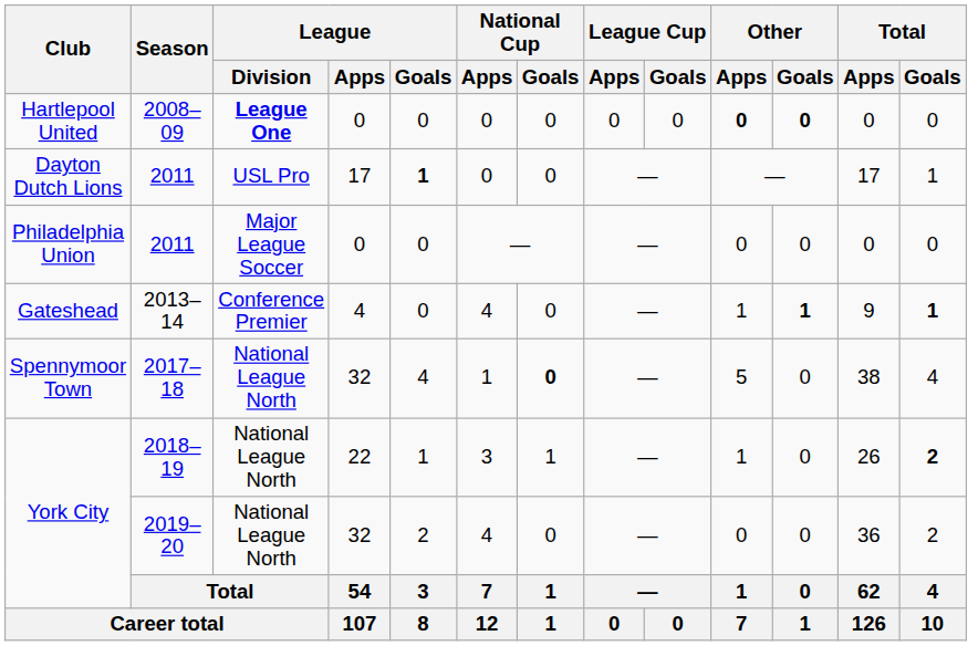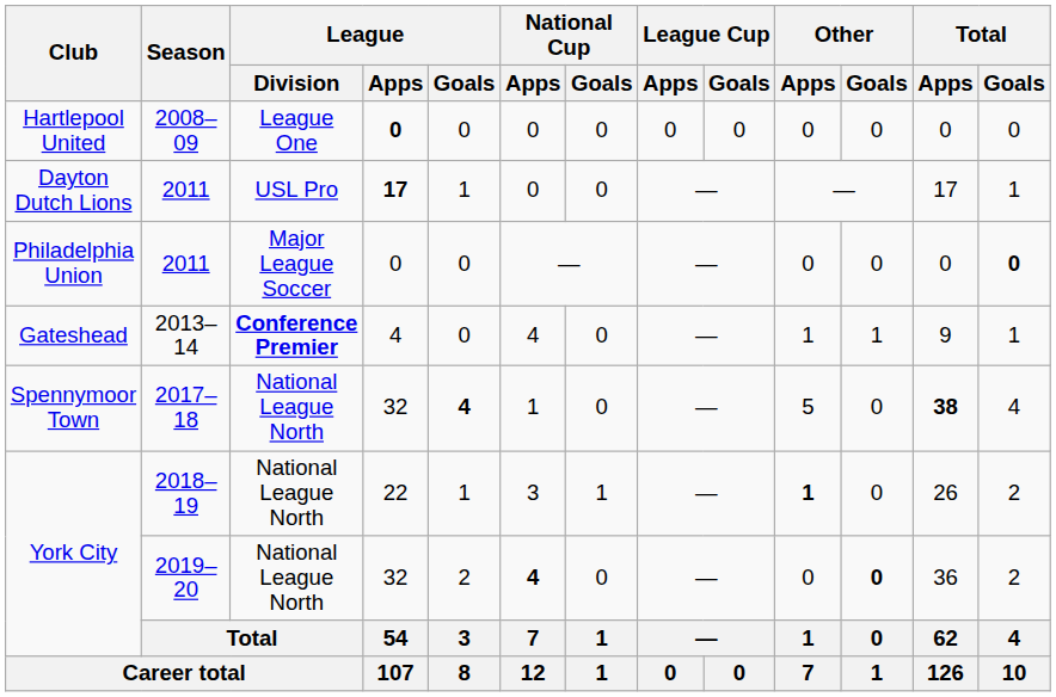 <table class=wikitable style=text-align:center>
 <tr>
 <th rowspan=2>Club</th>
 <th rowspan=2>Season</th>
 <th colspan=3>League</th>
 <th colspan=2>National Cup</th>
 <th colspan=2>League Cup</th>
 <th colspan=2>Other</th>
 <th colspan=2>Total</th>
 </tr>
 <tr>
 <th>Division</th>
 <th>Apps</th>
 <th>Goals</th>
 <th>Apps</th>
 <th>Goals</th>
 <th>Apps</th>
 <th>Goals</th>
 <th>Apps</th>
 <th>Goals</th>
 <th>Apps</th>
 <th>Goals</th>
 </tr>
 <tr>
 <td><a href='#'>Hartlepool United</a></td>
 <td><a href='#'>2008–09</a></td>
-<td><strong><a href='#'>League One</a></strong></td>
+<td><a href='#'>League One</a></td>
+<td><strong>0</strong></td>
 <td>0</td>
 <td>0</td>
 <td>0</td>
 <td>0</td>
 <td>0</td>
 <td>0</td>
-<td><strong>0</strong></td>
-<td><strong>0</strong></td>
+<td>0</td>
 <td>0</td>
 <td>0</td>
 </tr>
 <tr>
 <td><a href='#'>Dayton Dutch Lions</a></td>
 <td><a href='#'>2011</a></td>
 <td><a href='#'>USL Pro</a></td>
-<td>17</td>
-<td><strong>1</strong></td>
+<td><strong>17</strong></td>
+<td>1</td>
 <td>0</td>
 <td>0</td>
 <td colspan=2>—</td>
 <td colspan=2>—</td>
 <td>17</td>
 <td>1</td>
 </tr>
 <tr>
 <td><a href='#'>Philadelphia Union</a></td>
 <td><a href='#'>2011</a></td>
 <td><a href='#'>Major League Soccer</a></td>
 <td>0</td>
 <td>0</td>
 <td colspan=2>—</td>
 <td colspan=2>—</td>
 <td>0</td>
 <td>0</td>
 <td>0</td>
-<td>0</td>
+<td><strong>0</strong></td>
 </tr>
 <tr>
 <td><a href='#'>Gateshead</a></td>
 <td>2013–14</td>
-<td><a href='#'>Conference Premier</a></td>
+<td><strong><a href='#'>Conference Premier</a></strong></td>
 <td>4</td>
 <td>0</td>
 <td>4</td>
 <td>0</td>
 <td colspan=2>—</td>
 <td>1</td>
-<td><strong>1</strong></td>
+<td>1</td>
 <td>9</td>
-<td><strong>1</strong></td>
+<td>1</td>
 </tr>
 <tr>
 <td><a href='#'>Spennymoor Town</a></td>
 <td><a href='#'>2017–18</a></td>
 <td><a href='#'>National League North</a></td>
 <td>32</td>
-<td>4</td>
+<td><strong>4</strong></td>
 <td>1</td>
-<td><strong>0</strong></td>
+<td>0</td>
 <td colspan=2>—</td>
 <td>5</td>
 <td>0</td>
-<td>38</td>
+<td><strong>38</strong></td>
 <td>4</td>
 </tr>
 <tr>
 <td rowspan=3><a href='#'>York City</a></td>
 <td><a href='#'>2018–19</a></td>
 <td>National League North</td>
 <td>22</td>
 <td>1</td>
 <td>3</td>
 <td>1</td>
 <td colspan=2>—</td>
-<td>1</td>
+<td><strong>1</strong></td>
 <td>0</td>
 <td>26</td>
-<td><strong>2</strong></td>
+<td>2</td>
 </tr>
 <tr>
 <td><a href='#'>2019–20</a></td>
 <td>National League North</td>
 <td>32</td>
 <td>2</td>
-<td>4</td>
+<td><strong>4</strong></td>
 <td>0</td>
 <td colspan=2>—</td>
 <td>0</td>
-<td>0</td>
+<td><strong>0</strong></td>
 <td>36</td>
 <td>2</td>
 </tr>
 <tr>
 <th colspan=2>Total</th>
 <th>54</th>
 <th>3</th>
 <th>7</th>
 <th>1</th>
 <th colspan=2>—</th>
 <th>1</th>
 <th>0</th>
 <th>62</th>
 <th>4</th>
 </tr>
 <tr>
 <th colspan=3>Career total</th>
 <th>107</th>
 <th>8</th>
 <th>12</th>
 <th>1</th>
 <th>0</th>
 <th>0</th>
 <th>7</th>
 <th>1</th>
 <th>126</th>
 <th>10</th>
 </tr>
 </table>
